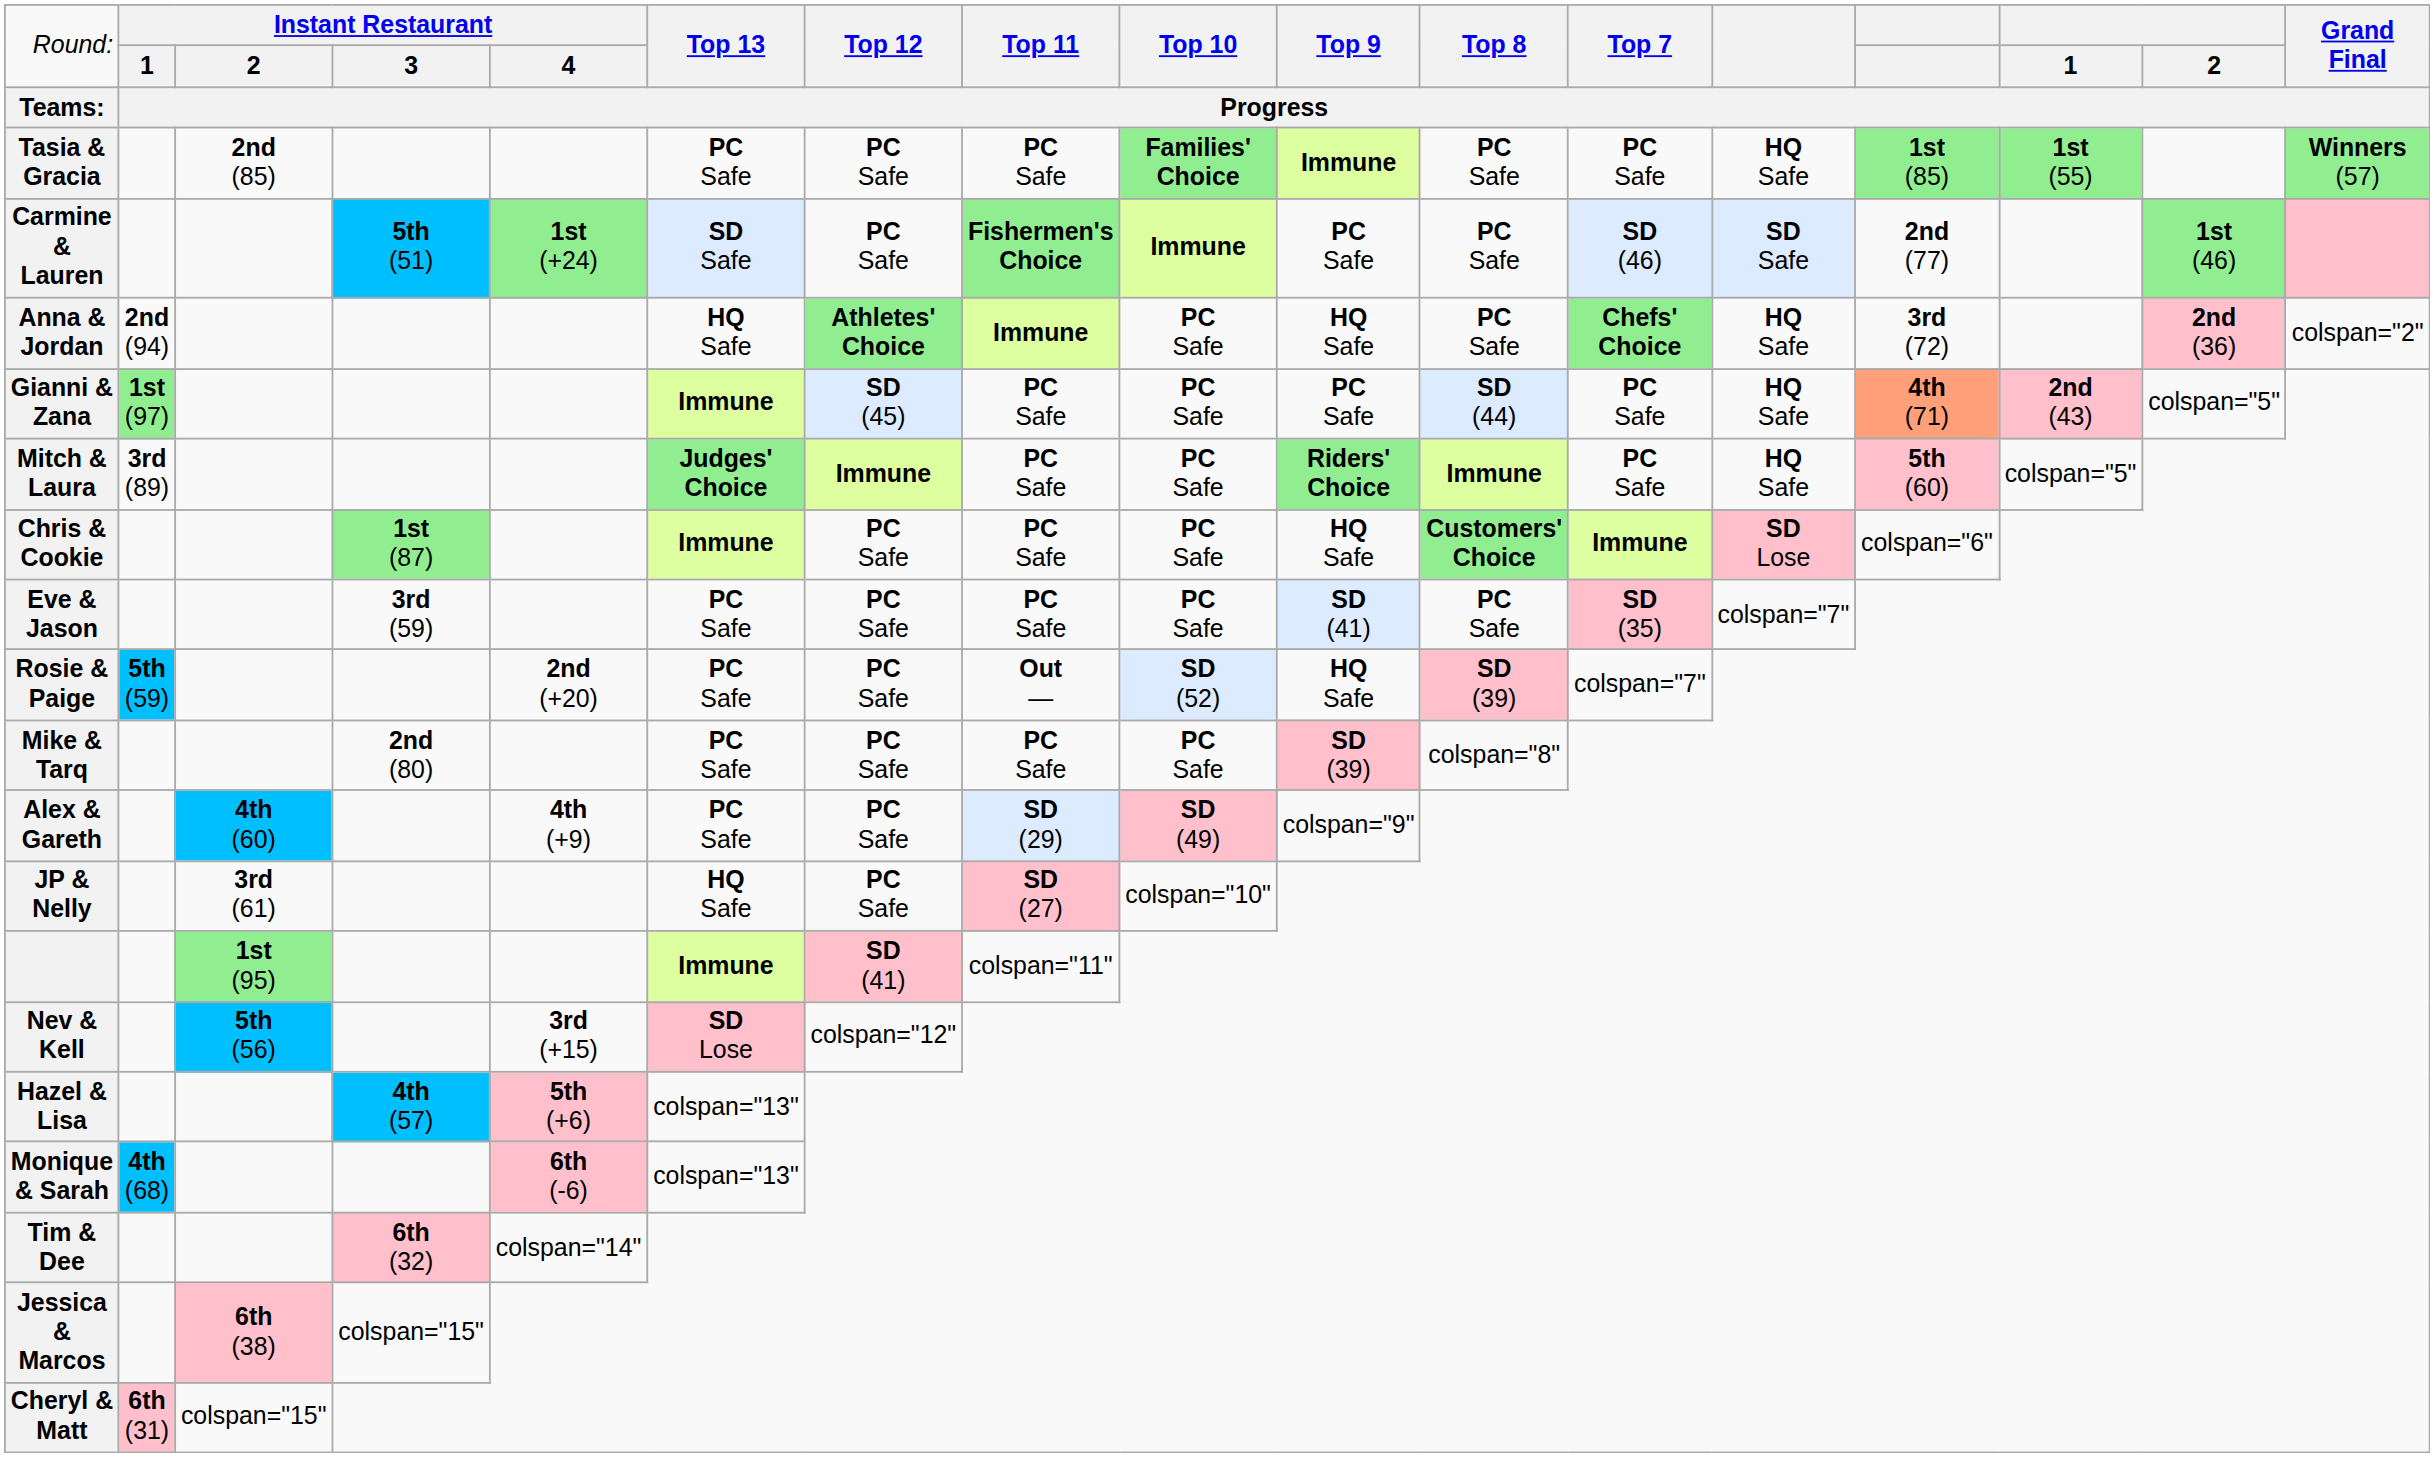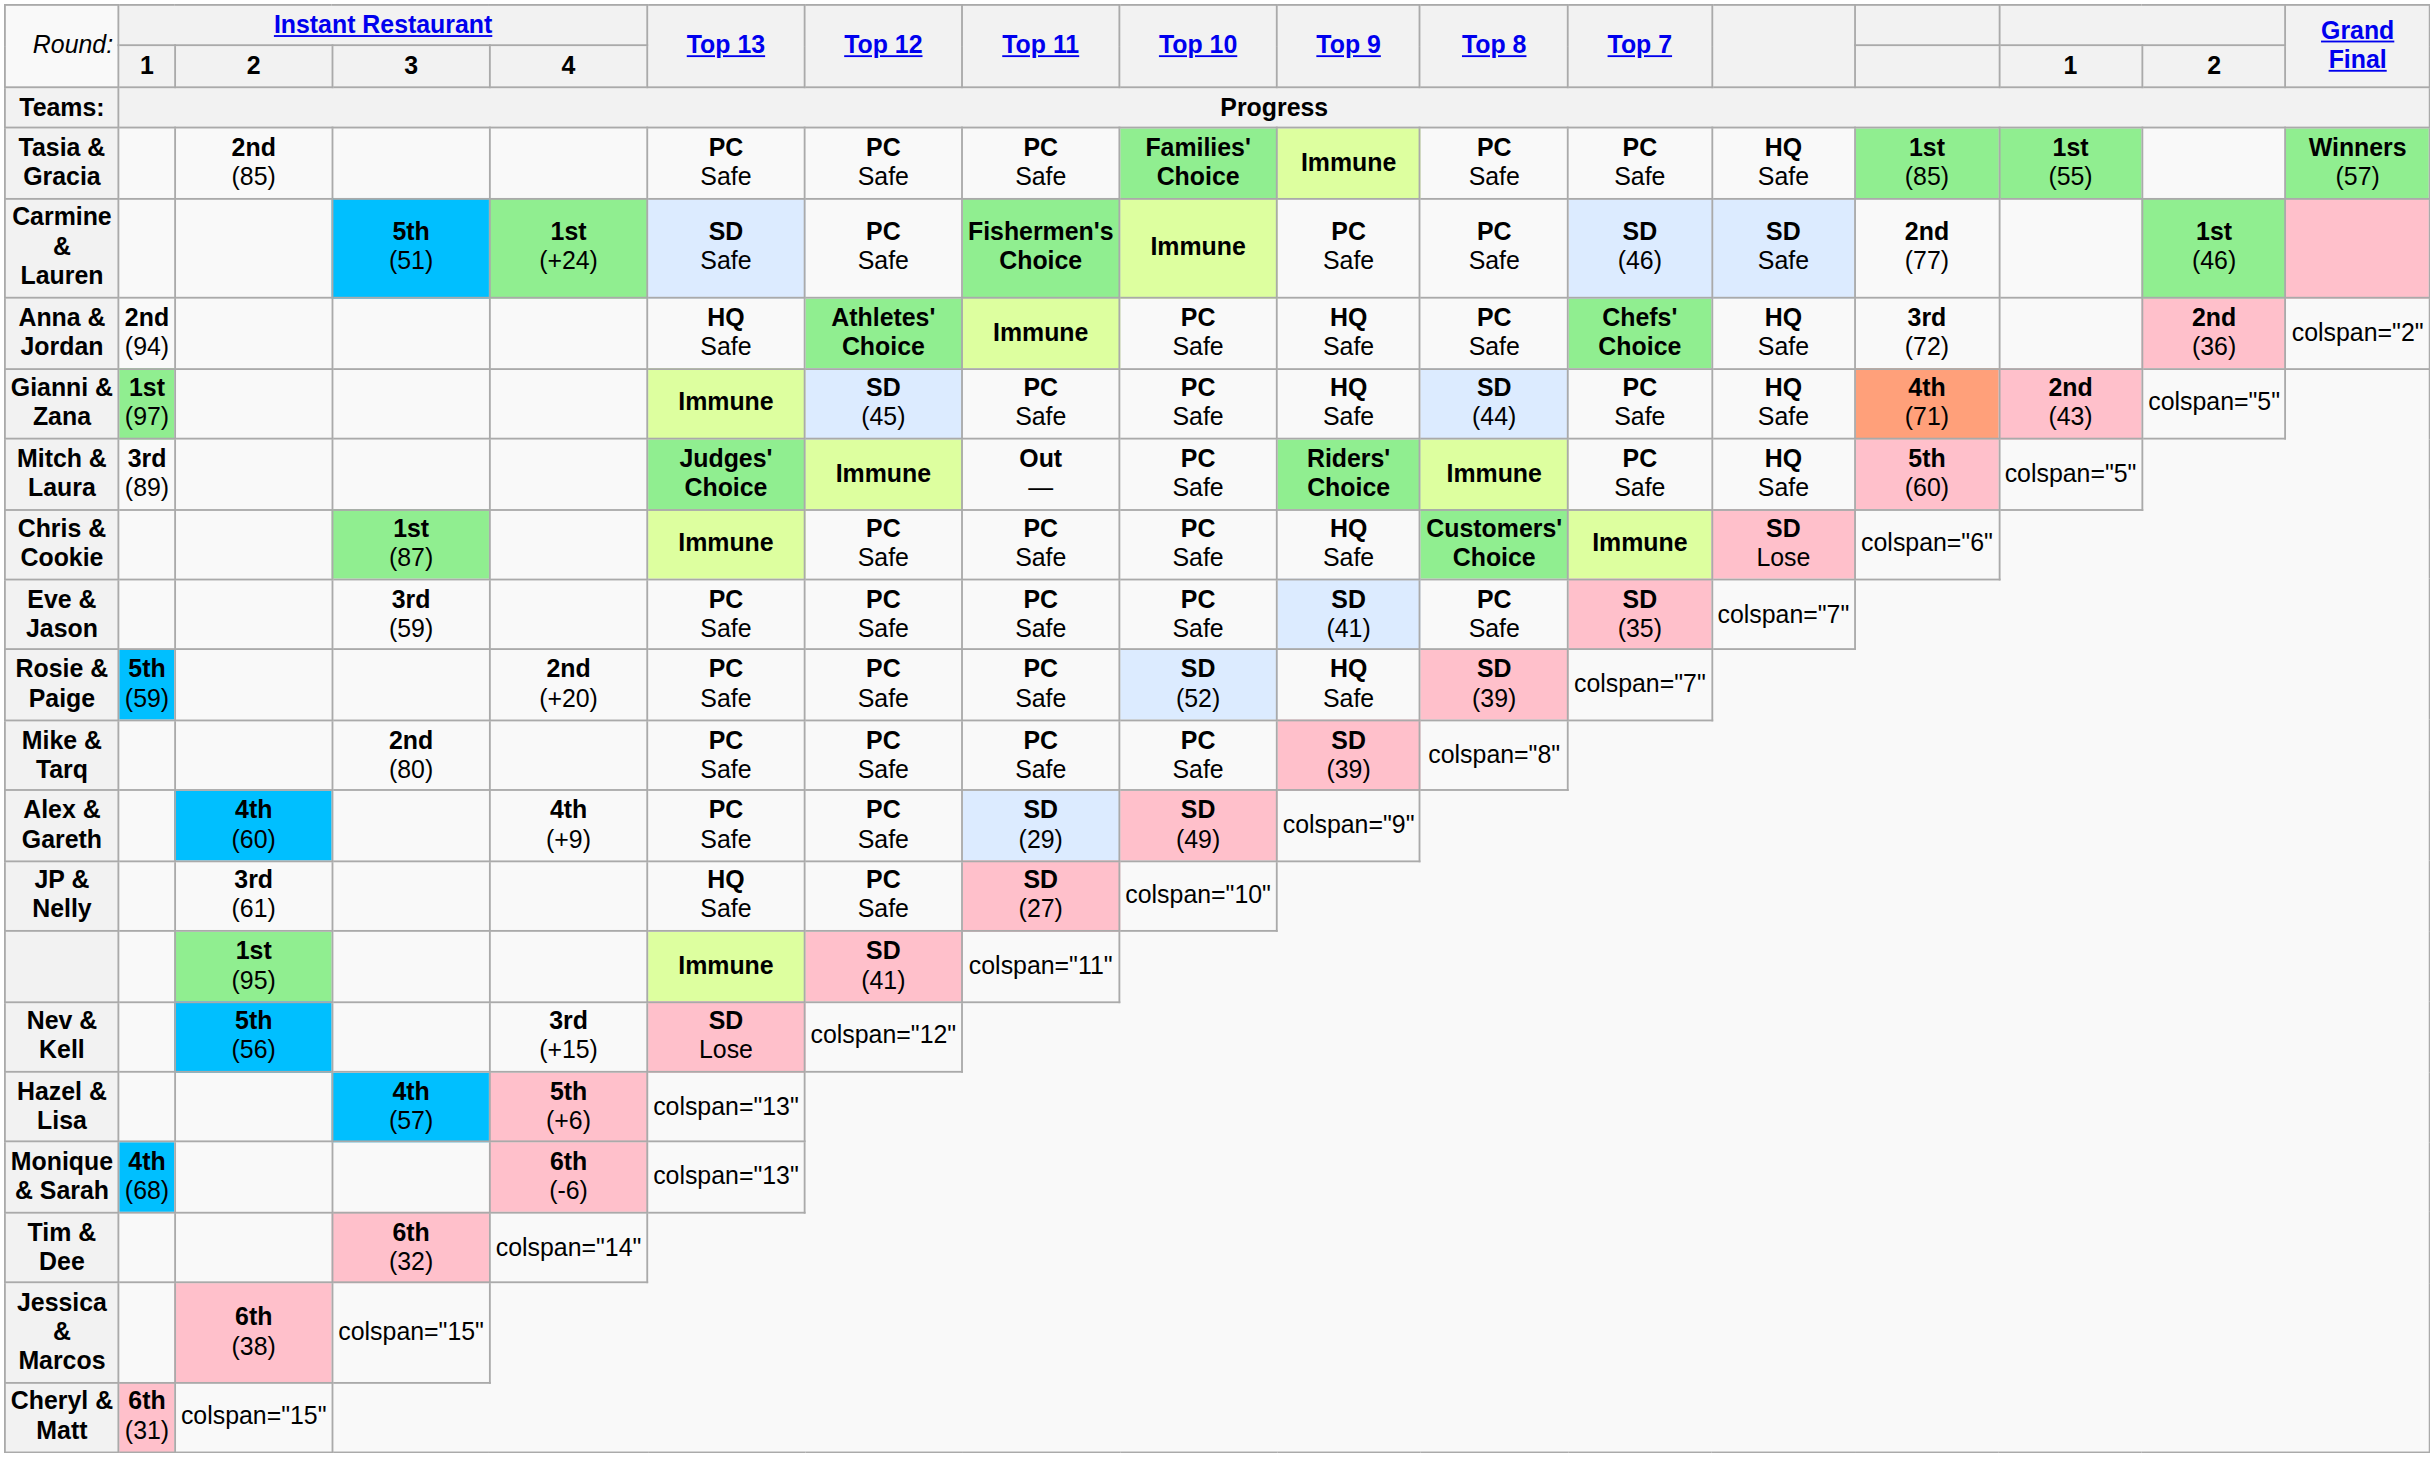 <table class="wikitable" style="width:100%; text-align:center; font-size: 85%; line-height:16px;">
 <tr>
 <td style="width:10%; text-align:right;" rowspan="2"><em>Round:</em></td>
 <th colspan="4"><a href='#'>Instant Restaurant</a></th>
 <th rowspan="2" style="width:8%;"><a href='#'>Top 13</a></th>
 <th rowspan="2" style="width:8%;"><a href='#'>Top 12</a></th>
 <th rowspan="2" style="width:8%;"><a href='#'>Top 11</a></th>
 <th rowspan="2" style="width:8%;"><a href='#'>Top 10</a></th>
 <th rowspan="2" style="width:8%;"><a href='#'>Top 9</a></th>
 <th rowspan="2" style="width:8%;"><a href='#'>Top 8</a></th>
 <th rowspan="2" style="width:8%;"><a href='#'>Top 7</a></th>
 <th rowspan="2" style="width:8%;"></th>
 <th style="width:8%;"><a href='#'></a></th>
 <th colspan="2" style="width:8%;"><a href='#'></a></th>
 <th rowspan="2" style="width:8%;"><a href='#'>Grand Final</a></th>
 </tr>
 <tr>
 <th style="width:6%;">1</th>
 <th style="width:6%;">2</th>
 <th style="width:6%;">3</th>
 <th style="width:6%;">4</th>
 <th style="width:6%;"></th>
 <th style="width:6%;">1</th>
 <th style="width:6%;">2</th>
 </tr>
 <tr>
 <th>Teams:</th>
 <th colspan="16">Progress</th>
 </tr>
 <tr>
 <th>Tasia & Gracia</th>
 <td></td>
 <td><strong>2nd</strong> <br> (85)</td>
 <td></td>
 <td></td>
 <td><strong>PC</strong><br>Safe</td>
 <td><strong>PC</strong><br>Safe</td>
 <td><strong>PC</strong><br>Safe</td>
 <td bgcolor="lightgreen"><strong>Families'<br>Choice</strong></td>
 <td bgcolor="DDFF9F"><strong>Immune</strong></td>
 <td><strong>PC</strong><br>Safe</td>
 <td><strong>PC</strong><br>Safe</td>
 <td><strong>HQ</strong><br>Safe</td>
 <td bgcolor="lightgreen"><strong>1st</strong><br>(85)</td>
 <td bgcolor="lightgreen"><strong>1st</strong><br>(55)</td>
 <td></td>
 <td bgcolor="lightgreen"><strong>Winners</strong><br>(57)</td>
 </tr>
 <tr>
 <th>Carmine & Lauren</th>
 <td></td>
 <td></td>
 <td bgcolor="deepskyblue"><strong>5th</strong><br>(51)</td>
 <td bgcolor="lightgreen"><strong>1st</strong> <br>(+24)</td>
 <td bgcolor="#DCEBFF"><strong>SD</strong><br>Safe</td>
 <td><strong>PC</strong><br>Safe</td>
 <td bgcolor="lightgreen"><strong>Fishermen's<br>Choice</strong></td>
 <td bgcolor="DDFF9F"><strong>Immune</strong></td>
 <td><strong>PC</strong><br>Safe</td>
 <td><strong>PC</strong><br>Safe</td>
 <td bgcolor="#DCEBFF"><strong>SD</strong><br>(46)</td>
 <td bgcolor="#DCEBFF"><strong>SD</strong><br>Safe</td>
 <td><strong>2nd</strong><br>(77)</td>
 <td></td>
 <td bgcolor="lightgreen"><strong>1st</strong><br>(46)</td>
 <td bgcolor="pink"></td>
 </tr>
 <tr>
 <th>Anna & Jordan</th>
 <td><strong>2nd</strong><br> (94)</td>
 <td></td>
 <td></td>
 <td></td>
 <td><strong>HQ</strong><br>Safe</td>
 <td bgcolor="lightgreen"><strong>Athletes'<br>Choice</strong></td>
 <td bgcolor="DDFF9F"><strong>Immune</strong></td>
 <td><strong>PC</strong><br>Safe</td>
 <td><strong>HQ</strong><br>Safe</td>
 <td><strong>PC</strong><br>Safe</td>
 <td bgcolor="lightgreen"><strong>Chefs'<br>Choice</strong></td>
 <td><strong>HQ</strong><br>Safe</td>
 <td><strong>3rd</strong><br>(72)</td>
 <td></td>
 <td style=background:pink><strong>2nd</strong><br>(36)</td>
 <td>colspan="2" </td>
 </tr>
 <tr>
 <th>Gianni & Zana</th>
 <td bgcolor="lightgreen"><strong>1st</strong><br> (97)</td>
 <td></td>
 <td></td>
 <td></td>
 <td bgcolor="DDFF9F"><strong>Immune</strong></td>
 <td bgcolor="#DCEBFF"><strong>SD</strong><br>(45)</td>
 <td><strong>PC</strong><br>Safe</td>
 <td><strong>PC</strong><br>Safe</td>
-<td><strong>PC</strong><br>Safe</td>
+<td><strong>HQ</strong><br>Safe</td>
 <td bgcolor="#DCEBFF"><strong>SD</strong><br>(44)</td>
 <td><strong>PC</strong><br>Safe</td>
 <td><strong>HQ</strong><br>Safe</td>
 <td style="background: lightsalmon;"><strong>4th</strong><br>(71)</td>
 <td style=background:pink><strong>2nd</strong><br>(43)</td>
 <td>colspan="5" </td>
 </tr>
 <tr>
 <th>Mitch & Laura</th>
 <td><strong>3rd</strong><br> (89)</td>
 <td></td>
 <td></td>
 <td></td>
 <td bgcolor="lightgreen"><strong>Judges'<br>Choice</strong></td>
 <td bgcolor="DDFF9F"><strong>Immune</strong></td>
-<td><strong>PC</strong><br>Safe</td>
+<td><strong>Out</strong><br>—</td>
 <td><strong>PC</strong><br>Safe</td>
 <td bgcolor="lightgreen"><strong>Riders'<br>Choice</strong></td>
 <td bgcolor="DDFF9F"><strong>Immune</strong></td>
 <td><strong>PC</strong><br>Safe</td>
 <td><strong>HQ</strong><br>Safe</td>
 <td style=background:pink><strong>5th</strong><br>(60)</td>
 <td>colspan="5" </td>
 </tr>
 <tr>
 <th>Chris & Cookie</th>
 <td></td>
 <td></td>
 <td bgcolor="lightgreen"><strong>1st</strong><br>(87)</td>
 <td></td>
 <td bgcolor="DDFF9F"><strong>Immune</strong></td>
 <td><strong>PC</strong><br>Safe</td>
 <td><strong>PC</strong><br>Safe</td>
 <td><strong>PC</strong><br>Safe</td>
 <td><strong>HQ</strong><br>Safe</td>
 <td bgcolor="lightgreen"><strong>Customers'<br>Choice</strong></td>
 <td bgcolor="DDFF9F"><strong>Immune</strong></td>
 <td style=background:pink><strong>SD</strong><br>Lose</td>
 <td>colspan="6" </td>
 </tr>
 <tr>
 <th>Eve & Jason</th>
 <td></td>
 <td></td>
 <td><strong>3rd</strong><br>(59)</td>
 <td></td>
 <td><strong>PC</strong><br>Safe</td>
 <td><strong>PC</strong><br>Safe</td>
 <td><strong>PC</strong><br>Safe</td>
 <td><strong>PC</strong><br>Safe</td>
 <td bgcolor="#DCEBFF"><strong>SD</strong><br>(41)</td>
 <td><strong>PC</strong><br>Safe</td>
 <td style=background:pink><strong>SD</strong><br>(35)</td>
 <td>colspan="7" </td>
 </tr>
 <tr>
 <th>Rosie & Paige</th>
 <td bgcolor="deepskyblue"><strong>5th</strong><br> (59)</td>
 <td></td>
 <td></td>
 <td><strong>2nd</strong><br> (+20)</td>
 <td><strong>PC</strong><br>Safe</td>
 <td><strong>PC</strong><br>Safe</td>
-<td><strong>Out</strong><br>—</td>
+<td><strong>PC</strong><br>Safe</td>
 <td bgcolor="#DCEBFF"><strong>SD</strong><br>(52)</td>
 <td><strong>HQ</strong><br>Safe</td>
 <td style=background:pink><strong>SD</strong><br>(39)</td>
 <td>colspan="7" </td>
 </tr>
 <tr>
 <th>Mike & Tarq</th>
 <td></td>
 <td></td>
 <td><strong>2nd</strong> <br>(80)</td>
 <td></td>
 <td><strong>PC</strong><br>Safe</td>
 <td><strong>PC</strong><br>Safe</td>
 <td><strong>PC</strong><br>Safe</td>
 <td><strong>PC</strong><br>Safe</td>
 <td style=background:pink><strong>SD</strong><br>(39)</td>
 <td>colspan="8" </td>
 </tr>
 <tr>
 <th>Alex & Gareth</th>
 <td></td>
 <td bgcolor="deepskyblue"><strong>4th</strong><br> (60)</td>
 <td></td>
 <td><strong>4th</strong><br> (+9)</td>
 <td><strong>PC</strong><br>Safe</td>
 <td><strong>PC</strong><br>Safe</td>
 <td bgcolor="#DCEBFF"><strong>SD</strong><br>(29)</td>
 <td style=background:pink><strong>SD</strong><br>(49)</td>
 <td>colspan="9" </td>
 </tr>
 <tr>
 <th>JP & Nelly</th>
 <td></td>
 <td><strong>3rd</strong> <br> (61)</td>
 <td></td>
 <td></td>
 <td><strong>HQ</strong><br>Safe</td>
 <td><strong>PC</strong><br>Safe</td>
 <td style=background:pink><strong>SD</strong><br>(27)</td>
 <td>colspan="10" </td>
 </tr>
 <tr>
 <th></th>
 <td></td>
 <td bgcolor="lightgreen"><strong>1st</strong><br> (95)</td>
 <td></td>
 <td></td>
 <td bgcolor="DDFF9F"><strong>Immune</strong></td>
 <td style=background:pink><strong>SD</strong><br>(41)</td>
 <td>colspan="11" </td>
 </tr>
 <tr>
 <th>Nev & Kell</th>
 <td></td>
 <td bgcolor="deepskyblue"><strong>5th</strong> <br> (56)</td>
 <td></td>
 <td><strong>3rd</strong> <br> (+15)</td>
 <td style=background:pink><strong>SD</strong><br>Lose</td>
 <td>colspan="12" </td>
 </tr>
 <tr>
 <th>Hazel & Lisa</th>
 <td></td>
 <td></td>
 <td bgcolor="deepskyblue"><strong>4th</strong> <br>(57)</td>
 <td style=background:pink><strong>5th</strong> <br>(+6)</td>
 <td>colspan="13" </td>
 </tr>
 <tr>
 <th>Monique & Sarah</th>
 <td bgcolor="deepskyblue"><strong>4th</strong><br> (68)</td>
 <td></td>
 <td></td>
 <td style=background:pink><strong>6th</strong> <br>(-6)</td>
 <td>colspan="13" </td>
 </tr>
 <tr>
 <th>Tim & Dee</th>
 <td></td>
 <td></td>
 <td style=background:pink><strong>6th</strong> <br>(32)</td>
 <td>colspan="14" </td>
 </tr>
 <tr>
 <th>Jessica & Marcos</th>
 <td></td>
 <td style=background:pink><strong>6th</strong> <br>(38)</td>
 <td>colspan="15" </td>
 </tr>
 <tr>
 <th>Cheryl & Matt</th>
 <td style=background:pink><strong>6th</strong> <br>(31)</td>
 <td>colspan="15" </td>
 </tr>
 </table>
